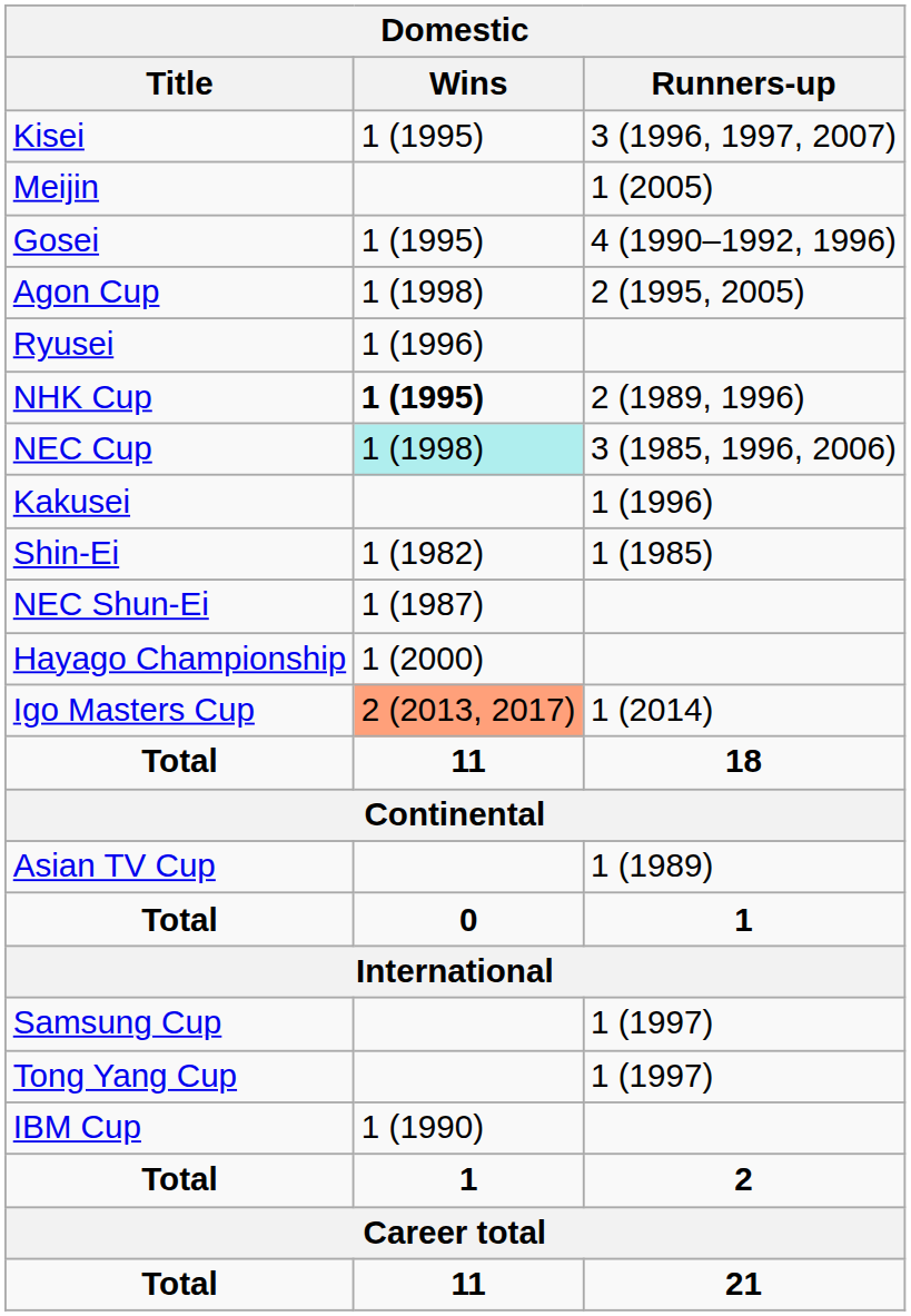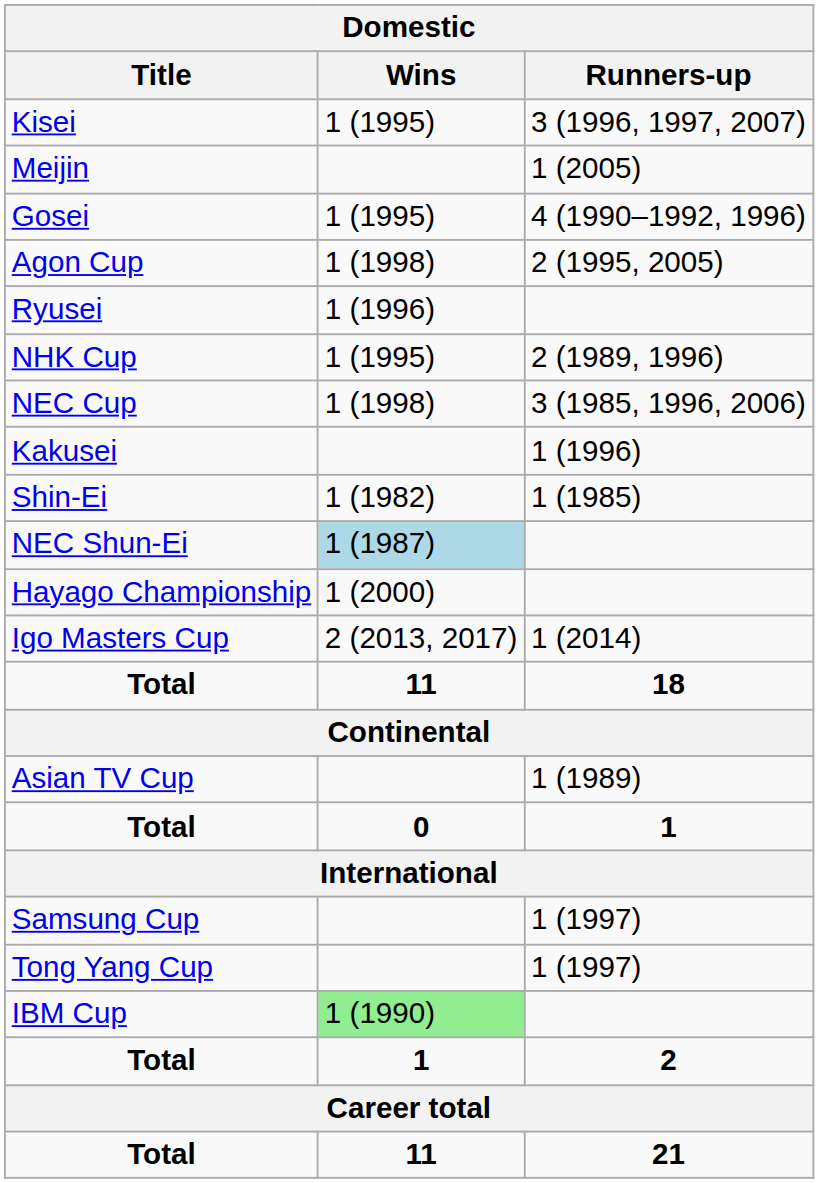 <table class="wikitable">
 <tr>
 <th colspan=3>Domestic</th>
 </tr>
 <tr>
 <th>Title</th>
 <th>Wins</th>
 <th>Runners-up</th>
 </tr>
 <tr>
 <td><a href='#'>Kisei</a></td>
 <td>1 (1995)</td>
 <td>3 (1996, 1997, 2007)</td>
 </tr>
 <tr>
 <td><a href='#'>Meijin</a></td>
 <td></td>
 <td>1 (2005)</td>
 </tr>
 <tr>
 <td><a href='#'>Gosei</a></td>
 <td>1 (1995)</td>
 <td>4 (1990–1992, 1996)</td>
 </tr>
 <tr>
 <td><a href='#'>Agon Cup</a></td>
 <td>1 (1998)</td>
 <td>2 (1995, 2005)</td>
 </tr>
 <tr>
 <td><a href='#'>Ryusei</a></td>
 <td>1 (1996)</td>
 <td></td>
 </tr>
 <tr>
 <td><a href='#'>NHK Cup</a></td>
-<td><strong>1 (1995)</strong></td>
+<td>1 (1995)</td>
 <td>2 (1989, 1996)</td>
 </tr>
 <tr>
 <td><a href='#'>NEC Cup</a></td>
-<td style="background: paleturquoise;">1 (1998)</td>
+<td>1 (1998)</td>
 <td>3 (1985, 1996, 2006)</td>
 </tr>
 <tr>
 <td><a href='#'>Kakusei</a></td>
 <td></td>
 <td>1 (1996)</td>
 </tr>
 <tr>
 <td><a href='#'>Shin-Ei</a></td>
 <td>1 (1982)</td>
 <td>1 (1985)</td>
 </tr>
 <tr>
 <td><a href='#'>NEC Shun-Ei</a></td>
-<td>1 (1987)</td>
+<td style="background: lightblue;">1 (1987)</td>
 <td></td>
 </tr>
 <tr>
 <td><a href='#'>Hayago Championship</a></td>
 <td>1 (2000)</td>
 <td></td>
 </tr>
 <tr>
 <td><a href='#'>Igo Masters Cup</a></td>
-<td style="background: lightsalmon;">2 (2013, 2017)</td>
+<td>2 (2013, 2017)</td>
 <td>1 (2014)</td>
 </tr>
 <tr align="center">
 <td><strong>Total</strong></td>
 <td><strong>11</strong></td>
 <td><strong>18</strong></td>
 </tr>
 <tr>
 <th colspan=3>Continental</th>
 </tr>
 <tr>
 <td><a href='#'>Asian TV Cup</a></td>
 <td></td>
 <td>1 (1989)</td>
 </tr>
 <tr align="center">
 <td><strong>Total</strong></td>
 <td><strong>0</strong></td>
 <td><strong>1</strong></td>
 </tr>
 <tr>
 <th colspan=3>International</th>
 </tr>
 <tr>
 <td><a href='#'>Samsung Cup</a></td>
 <td></td>
 <td>1 (1997)</td>
 </tr>
 <tr>
 <td><a href='#'>Tong Yang Cup</a></td>
 <td></td>
 <td>1 (1997)</td>
 </tr>
 <tr>
 <td><a href='#'>IBM Cup</a></td>
-<td>1 (1990)</td>
+<td style="background: lightgreen;">1 (1990)</td>
 <td></td>
 </tr>
 <tr align="center">
 <td><strong>Total</strong></td>
 <td><strong>1</strong></td>
 <td><strong>2</strong></td>
 </tr>
 <tr>
 <th colspan=3>Career total</th>
 </tr>
 <tr align="center">
 <td><strong>Total</strong></td>
 <td><strong>11</strong></td>
 <td><strong>21</strong></td>
 </tr>
 </table>
